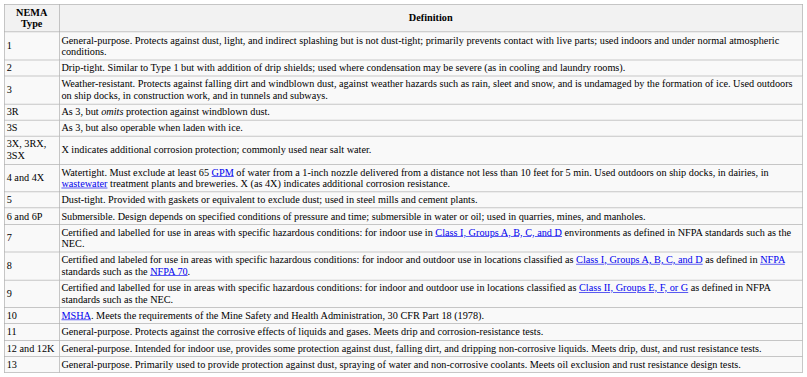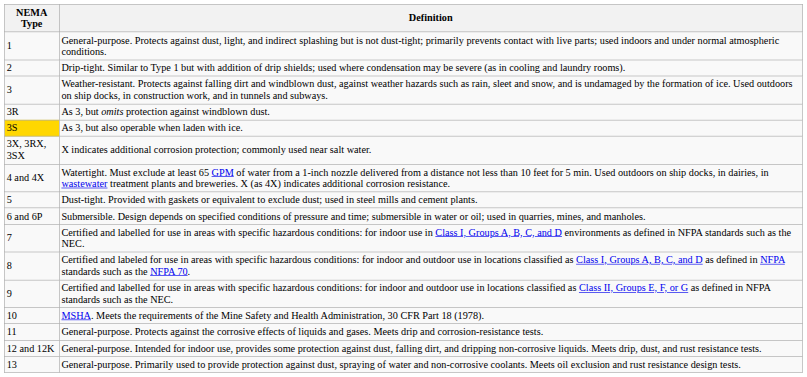 <table class="wikitable">
 <tr>
 <th>NEMA Type</th>
 <th>Definition</th>
 </tr>
 <tr>
 <td>1</td>
 <td>General-purpose. Protects against dust, light, and indirect splashing but is not dust-tight; primarily prevents contact with live parts; used indoors and under normal atmospheric conditions.</td>
 </tr>
 <tr>
 <td>2</td>
 <td>Drip-tight. Similar to Type 1 but with addition of drip shields; used where condensation may be severe (as in cooling and laundry rooms).</td>
 </tr>
 <tr>
 <td>3</td>
 <td>Weather-resistant. Protects against falling dirt and windblown dust, against weather hazards such as rain, sleet and snow, and is undamaged by the formation of ice.  Used outdoors on ship docks, in construction work, and in tunnels and subways.</td>
 </tr>
 <tr>
 <td>3R</td>
 <td>As 3, but <em>omits</em> protection against windblown dust.</td>
 </tr>
 <tr>
-<td>3S</td>
+<td style="background: gold;">3S</td>
 <td>As 3, but also operable when laden with ice.</td>
 </tr>
 <tr>
 <td>3X, 3RX, 3SX</td>
 <td>X indicates additional corrosion protection; commonly used near salt water.</td>
 </tr>
 <tr>
 <td>4 and 4X</td>
 <td>Watertight. Must exclude at least 65 <a href='#'>GPM</a> of water from a 1-inch nozzle delivered from a distance not less than 10 feet for 5 min. Used outdoors on ship docks, in dairies, in <a href='#'>wastewater</a> treatment plants and breweries. X (as 4X) indicates additional corrosion resistance.</td>
 </tr>
 <tr>
 <td>5</td>
 <td>Dust-tight. Provided with gaskets or equivalent to exclude dust; used in steel mills and cement plants.</td>
 </tr>
 <tr>
 <td>6 and 6P</td>
 <td>Submersible. Design depends on specified conditions of pressure and time; submersible in water or oil; used in quarries, mines, and manholes.</td>
 </tr>
 <tr>
 <td>7</td>
 <td>Certified and labelled for use in areas with specific hazardous conditions: for indoor use in <a href='#'>Class I, Groups A, B, C, and D</a> environments as defined in NFPA standards such as the NEC.</td>
 </tr>
 <tr>
 <td>8</td>
 <td>Certified and labeled for use in areas with specific hazardous conditions: for indoor and outdoor use in locations classified as <a href='#'>Class I, Groups A, B, C, and D</a> as defined in <a href='#'>NFPA</a> standards such as the <a href='#'>NFPA 70</a>.</td>
 </tr>
 <tr>
 <td>9</td>
 <td>Certified and labelled for use in areas with specific hazardous conditions: for indoor and outdoor use in locations classified as <a href='#'>Class II, Groups E, F, or G</a> as defined in NFPA standards such as the NEC.</td>
 </tr>
 <tr>
 <td>10</td>
 <td><a href='#'>MSHA</a>. Meets the requirements of the Mine Safety and Health Administration, 30 CFR Part 18 (1978).</td>
 </tr>
 <tr>
 <td>11</td>
 <td>General-purpose. Protects against the corrosive effects of liquids and gases. Meets drip and corrosion-resistance tests.</td>
 </tr>
 <tr>
 <td>12 and 12K</td>
 <td>General-purpose. Intended for indoor use, provides some protection against dust, falling dirt, and dripping non-corrosive liquids. Meets drip, dust, and rust resistance tests.</td>
 </tr>
 <tr>
 <td>13</td>
 <td>General-purpose. Primarily used to provide protection against dust, spraying of water and non-corrosive coolants. Meets oil exclusion and rust resistance design tests.</td>
 </tr>
 </table>
